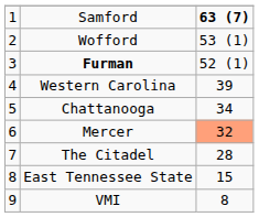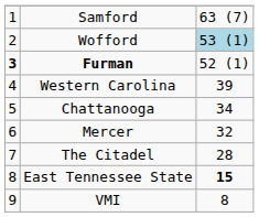 <table class="wikitable" style="display: inline-table;">
 <tr align="center">
 </tr>
 <tr align="center">
 <td>1</td>
 <td>Samford</td>
-<td><strong>63 (7)</strong></td>
+<td>63 (7)</td>
 </tr>
 <tr align="center">
 <td>2</td>
 <td>Wofford</td>
-<td>53 (1)</td>
+<td style="background: lightblue;">53 (1)</td>
 </tr>
 <tr align="center">
-<td>3</td>
+<td><strong>3</strong></td>
 <td><strong>Furman</strong></td>
 <td>52 (1)</td>
 </tr>
 <tr align="center">
 <td>4</td>
 <td>Western Carolina</td>
 <td>39</td>
 </tr>
 <tr align="center">
 <td>5</td>
 <td>Chattanooga</td>
 <td>34</td>
 </tr>
 <tr align="center">
 <td>6</td>
 <td>Mercer</td>
-<td style="background: lightsalmon;">32</td>
+<td>32</td>
 </tr>
 <tr align="center">
 <td>7</td>
 <td>The Citadel</td>
 <td>28</td>
 </tr>
 <tr align="center">
 <td>8</td>
 <td>East Tennessee State</td>
-<td>15</td>
+<td><strong>15</strong></td>
 </tr>
 <tr align="center">
 <td>9</td>
 <td>VMI</td>
 <td>8</td>
 </tr>
 </table>
